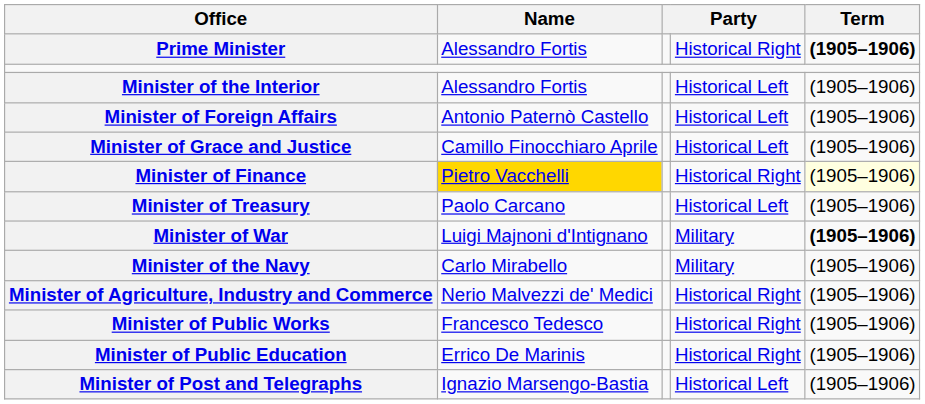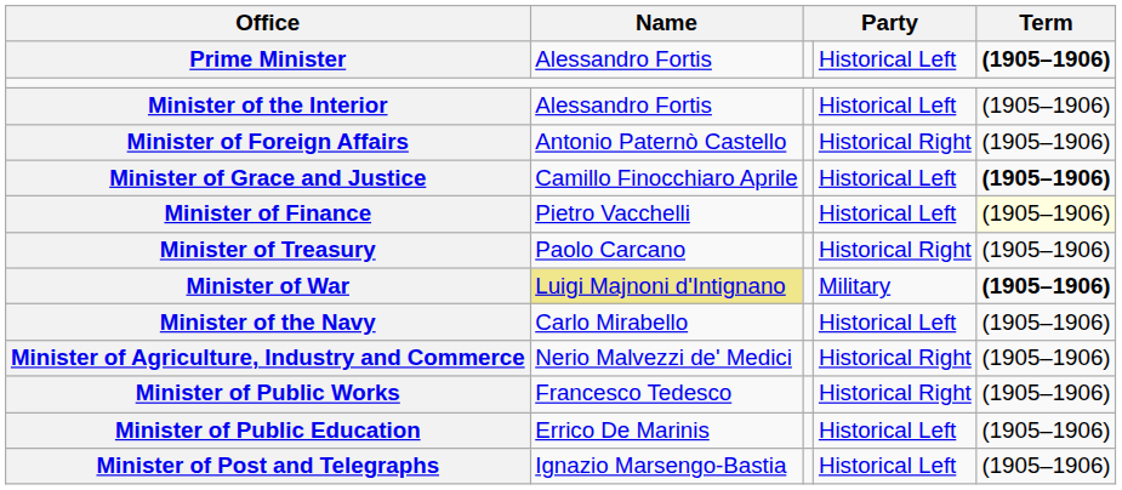 <table class="wikitable" style="font-size: 100%;">
 <tr>
 <th>Office</th>
 <th>Name</th>
 <th colspan=2>Party</th>
 <th>Term</th>
 </tr>
 <tr>
 <th><a href='#'>Prime Minister</a></th>
 <td><a href='#'>Alessandro Fortis</a></td>
 <td style="color:inherit;background:"></td>
-<td><a href='#'>Historical Right</a></td>
+<td><a href='#'>Historical Left</a></td>
 <td><strong>(1905–1906)</strong></td>
 </tr>
 <tr>
 <td colspan=6></td>
 </tr>
 <tr>
 <th><a href='#'>Minister of the Interior</a></th>
 <td><a href='#'>Alessandro Fortis</a></td>
 <td style="color:inherit;background:"></td>
 <td><a href='#'>Historical Left</a></td>
 <td>(1905–1906)</td>
 </tr>
 <tr>
 <th><a href='#'>Minister of Foreign Affairs</a></th>
 <td><a href='#'>Antonio Paternò Castello</a></td>
 <td style="color:inherit;background:"></td>
-<td><a href='#'>Historical Left</a></td>
+<td><a href='#'>Historical Right</a></td>
 <td>(1905–1906)</td>
 </tr>
 <tr>
 <th><a href='#'>Minister of Grace and Justice</a></th>
 <td><a href='#'>Camillo Finocchiaro Aprile</a></td>
 <td style="color:inherit;background:"></td>
 <td><a href='#'>Historical Left</a></td>
-<td>(1905–1906)</td>
+<td><strong>(1905–1906)</strong></td>
 </tr>
 <tr>
 <th><a href='#'>Minister of Finance</a></th>
-<td style="background: gold;"><a href='#'>Pietro Vacchelli</a></td>
+<td><a href='#'>Pietro Vacchelli</a></td>
 <td style="color:inherit;background:"></td>
-<td><a href='#'>Historical Right</a></td>
+<td><a href='#'>Historical Left</a></td>
 <td style="background: lightyellow;">(1905–1906)</td>
 </tr>
 <tr>
 <th><a href='#'>Minister of Treasury</a></th>
 <td><a href='#'>Paolo Carcano</a></td>
 <td style="color:inherit;background:"></td>
-<td><a href='#'>Historical Left</a></td>
+<td><a href='#'>Historical Right</a></td>
 <td>(1905–1906)</td>
 </tr>
 <tr>
 <th><a href='#'>Minister of War</a></th>
-<td><a href='#'>Luigi Majnoni d'Intignano</a></td>
+<td style="background: khaki;"><a href='#'>Luigi Majnoni d'Intignano</a></td>
 <td style="color:inherit;background:"></td>
 <td><a href='#'>Military</a></td>
 <td><strong>(1905–1906)</strong></td>
 </tr>
 <tr>
 <th><a href='#'>Minister of the Navy</a></th>
 <td><a href='#'>Carlo Mirabello</a></td>
 <td style="color:inherit;background:"></td>
-<td><a href='#'>Military</a></td>
+<td><a href='#'>Historical Left</a></td>
 <td>(1905–1906)</td>
 </tr>
 <tr>
 <th><a href='#'>Minister of Agriculture, Industry and Commerce</a></th>
 <td><a href='#'>Nerio Malvezzi de' Medici</a></td>
 <td style="color:inherit;background:"></td>
 <td><a href='#'>Historical Right</a></td>
 <td>(1905–1906)</td>
 </tr>
 <tr>
 <th><a href='#'>Minister of Public Works</a></th>
 <td><a href='#'>Francesco Tedesco</a></td>
 <td style="color:inherit;background:"></td>
 <td><a href='#'>Historical Right</a></td>
 <td>(1905–1906)</td>
 </tr>
 <tr>
 <th><a href='#'>Minister of Public Education</a></th>
 <td><a href='#'>Errico De Marinis</a></td>
 <td style="color:inherit;background:"></td>
-<td><a href='#'>Historical Right</a></td>
+<td><a href='#'>Historical Left</a></td>
 <td>(1905–1906)</td>
 </tr>
 <tr>
 <th><a href='#'>Minister of Post and Telegraphs</a></th>
 <td><a href='#'>Ignazio Marsengo-Bastia</a></td>
 <td style="color:inherit;background:"></td>
 <td><a href='#'>Historical Left</a></td>
 <td>(1905–1906)</td>
 </tr>
 </table>
